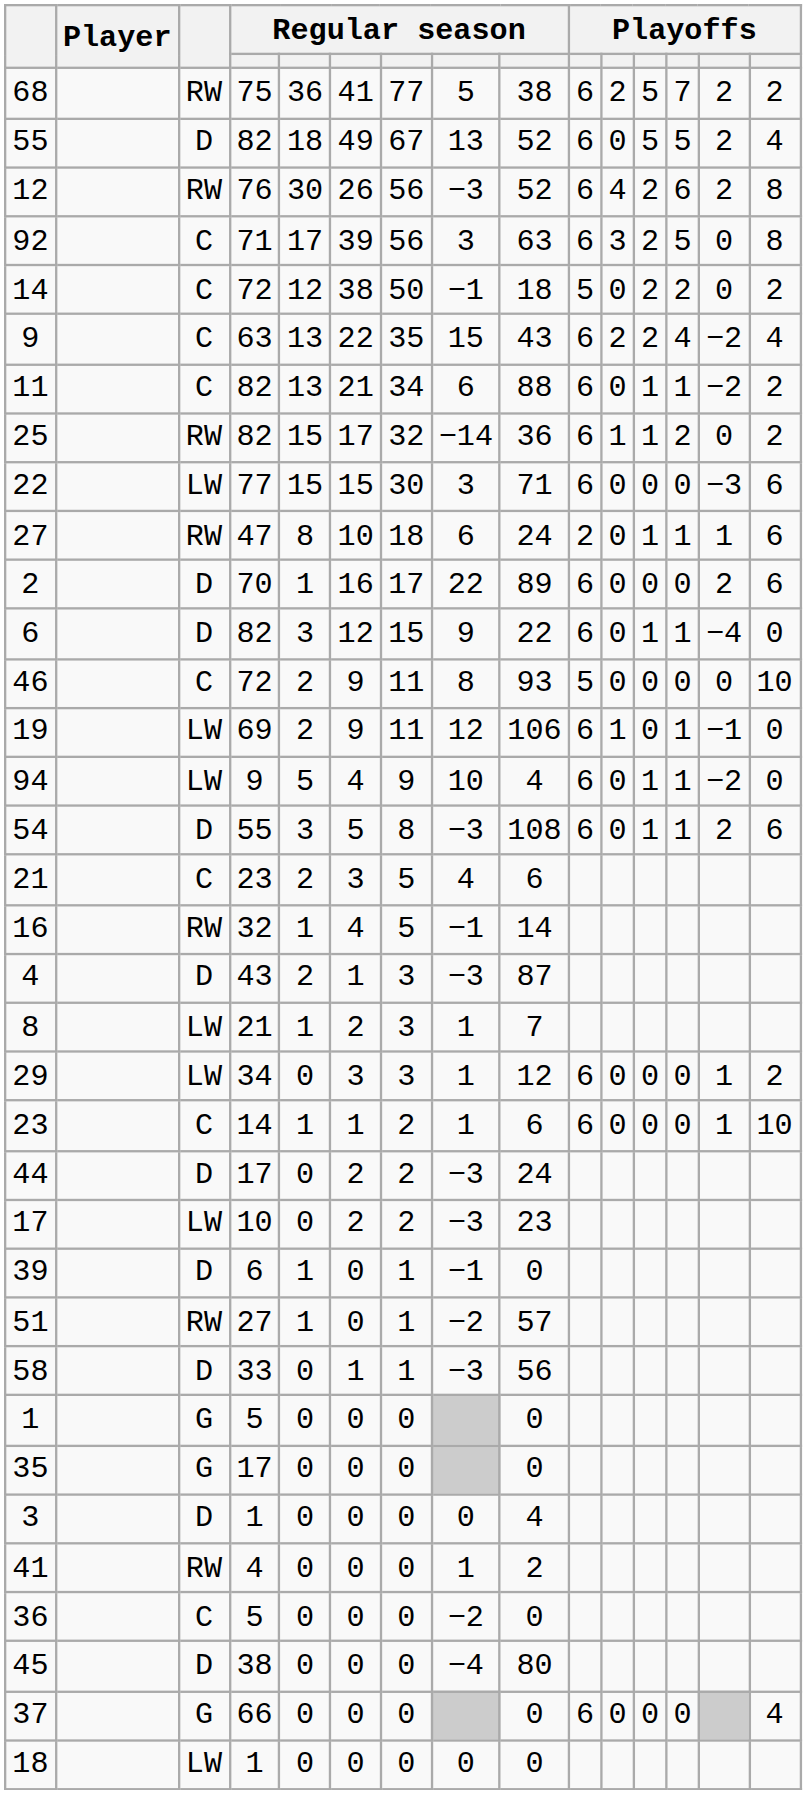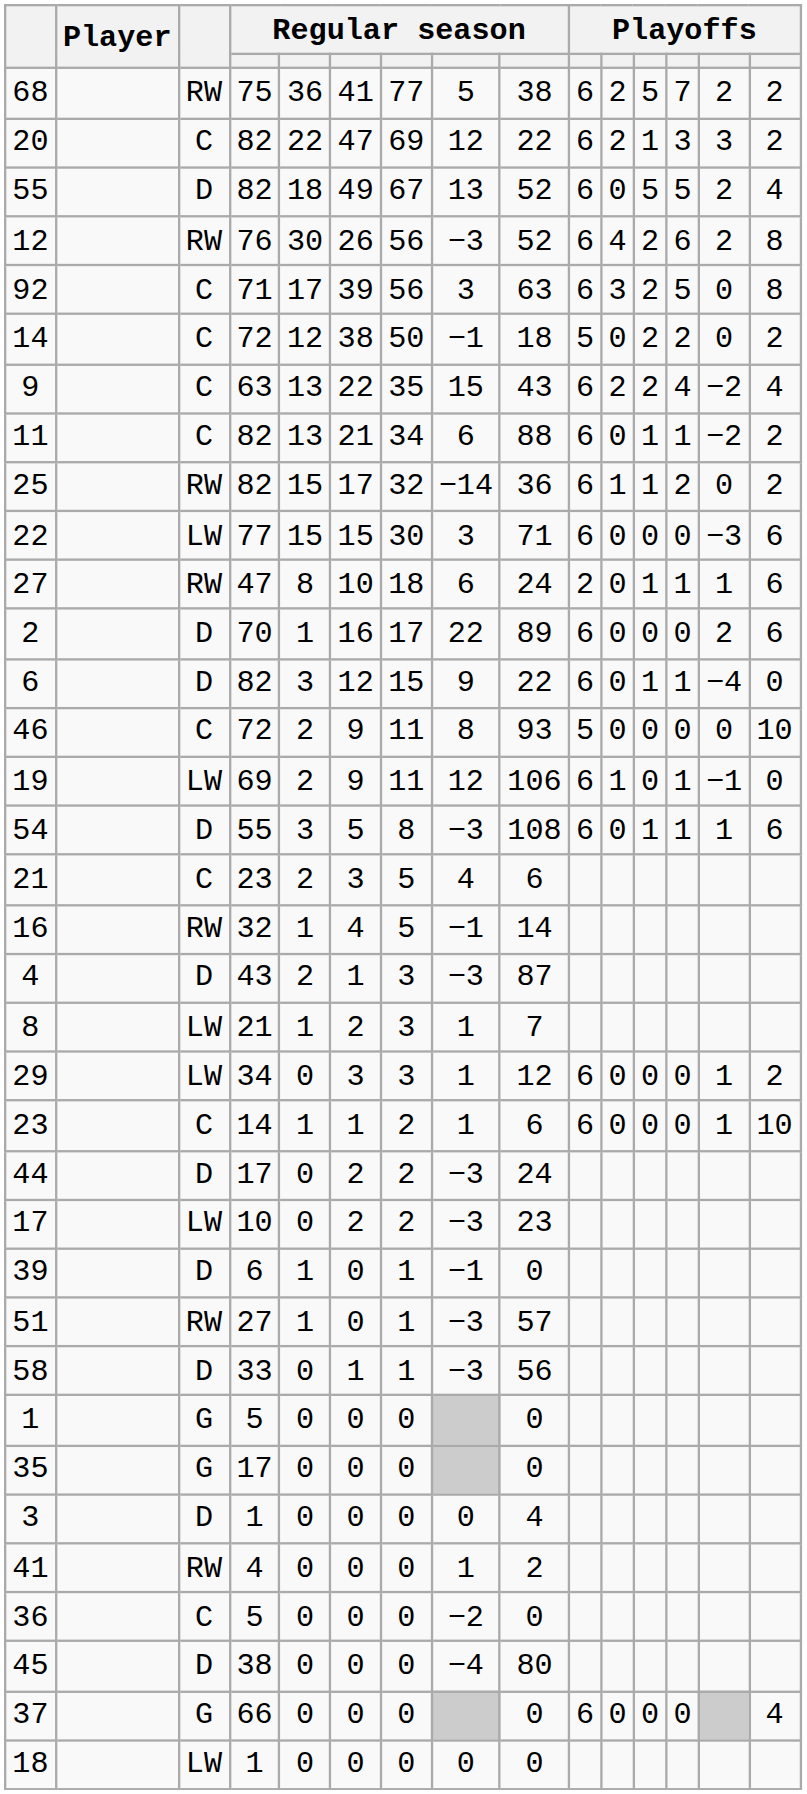 <table class="wikitable sortable plainrowheaders" style="text-align:center;">
 <tr>
 <th scope="col" data-sort-type="number" rowspan="2"></th>
 <th scope="col" rowspan="2">Player</th>
 <th scope="col" rowspan="2"></th>
 <th scope=colgroup colspan=6>Regular season</th>
 <th scope=colgroup colspan=6>Playoffs</th>
 </tr>
 <tr>
 <th scope="col" data-sort-type="number"></th>
 <th scope="col" data-sort-type="number"></th>
 <th scope="col" data-sort-type="number"></th>
 <th scope="col" data-sort-type="number"></th>
 <th scope="col" data-sort-type="number"></th>
 <th scope="col" data-sort-type="number"></th>
 <th scope="col" data-sort-type="number"></th>
 <th scope="col" data-sort-type="number"></th>
 <th scope="col" data-sort-type="number"></th>
 <th scope="col" data-sort-type="number"></th>
 <th scope="col" data-sort-type="number"></th>
 <th scope="col" data-sort-type="number"></th>
 </tr>
 <tr>
 <td scope="row">68</td>
 <td align="left"></td>
 <td>RW</td>
 <td>75</td>
 <td>36</td>
 <td>41</td>
 <td>77</td>
 <td>5</td>
 <td>38</td>
 <td>6</td>
 <td>2</td>
 <td>5</td>
 <td>7</td>
 <td>2</td>
+<td>2</td>
+</tr>
+<tr>
+<td scope="row">20</td>
+<td align="left"></td>
+<td>C</td>
+<td>82</td>
+<td>22</td>
+<td>47</td>
+<td>69</td>
+<td>12</td>
+<td>22</td>
+<td>6</td>
+<td>2</td>
+<td>1</td>
+<td>3</td>
+<td>3</td>
 <td>2</td>
 </tr>
 <tr>
 <td scope="row">55</td>
 <td align="left"></td>
 <td>D</td>
 <td>82</td>
 <td>18</td>
 <td>49</td>
 <td>67</td>
 <td>13</td>
 <td>52</td>
 <td>6</td>
 <td>0</td>
 <td>5</td>
 <td>5</td>
 <td>2</td>
 <td>4</td>
 </tr>
 <tr>
 <td scope="row">12</td>
 <td align="left"></td>
 <td>RW</td>
 <td>76</td>
 <td>30</td>
 <td>26</td>
 <td>56</td>
 <td>−3</td>
 <td>52</td>
 <td>6</td>
 <td>4</td>
 <td>2</td>
 <td>6</td>
 <td>2</td>
 <td>8</td>
 </tr>
 <tr>
 <td scope="row">92</td>
 <td align="left"></td>
 <td>C</td>
 <td>71</td>
 <td>17</td>
 <td>39</td>
 <td>56</td>
 <td>3</td>
 <td>63</td>
 <td>6</td>
 <td>3</td>
 <td>2</td>
 <td>5</td>
 <td>0</td>
 <td>8</td>
 </tr>
 <tr>
 <td scope="row">14</td>
 <td align="left"></td>
 <td>C</td>
 <td>72</td>
 <td>12</td>
 <td>38</td>
 <td>50</td>
 <td>−1</td>
 <td>18</td>
 <td>5</td>
 <td>0</td>
 <td>2</td>
 <td>2</td>
 <td>0</td>
 <td>2</td>
 </tr>
 <tr>
 <td scope="row">9</td>
 <td align="left"></td>
 <td>C</td>
 <td>63</td>
 <td>13</td>
 <td>22</td>
 <td>35</td>
 <td>15</td>
 <td>43</td>
 <td>6</td>
 <td>2</td>
 <td>2</td>
 <td>4</td>
 <td>−2</td>
 <td>4</td>
 </tr>
 <tr>
 <td scope="row">11</td>
 <td align="left"></td>
 <td>C</td>
 <td>82</td>
 <td>13</td>
 <td>21</td>
 <td>34</td>
 <td>6</td>
 <td>88</td>
 <td>6</td>
 <td>0</td>
 <td>1</td>
 <td>1</td>
 <td>−2</td>
 <td>2</td>
 </tr>
 <tr>
 <td scope="row">25</td>
 <td align="left"></td>
 <td>RW</td>
 <td>82</td>
 <td>15</td>
 <td>17</td>
 <td>32</td>
 <td>−14</td>
 <td>36</td>
 <td>6</td>
 <td>1</td>
 <td>1</td>
 <td>2</td>
 <td>0</td>
 <td>2</td>
 </tr>
 <tr>
 <td scope="row">22</td>
 <td align="left"></td>
 <td>LW</td>
 <td>77</td>
 <td>15</td>
 <td>15</td>
 <td>30</td>
 <td>3</td>
 <td>71</td>
 <td>6</td>
 <td>0</td>
 <td>0</td>
 <td>0</td>
 <td>−3</td>
 <td>6</td>
 </tr>
 <tr>
 <td scope="row">27</td>
 <td align="left"></td>
 <td>RW</td>
 <td>47</td>
 <td>8</td>
 <td>10</td>
 <td>18</td>
 <td>6</td>
 <td>24</td>
 <td>2</td>
 <td>0</td>
 <td>1</td>
 <td>1</td>
 <td>1</td>
 <td>6</td>
 </tr>
 <tr>
 <td scope="row">2</td>
 <td align="left"></td>
 <td>D</td>
 <td>70</td>
 <td>1</td>
 <td>16</td>
 <td>17</td>
 <td>22</td>
 <td>89</td>
 <td>6</td>
 <td>0</td>
 <td>0</td>
 <td>0</td>
 <td>2</td>
 <td>6</td>
 </tr>
 <tr>
 <td scope="row">6</td>
 <td align="left"></td>
 <td>D</td>
 <td>82</td>
 <td>3</td>
 <td>12</td>
 <td>15</td>
 <td>9</td>
 <td>22</td>
 <td>6</td>
 <td>0</td>
 <td>1</td>
 <td>1</td>
 <td>−4</td>
 <td>0</td>
 </tr>
 <tr>
 <td scope="row">46</td>
 <td align="left"></td>
 <td>C</td>
 <td>72</td>
 <td>2</td>
 <td>9</td>
 <td>11</td>
 <td>8</td>
 <td>93</td>
 <td>5</td>
 <td>0</td>
 <td>0</td>
 <td>0</td>
 <td>0</td>
 <td>10</td>
 </tr>
 <tr>
 <td scope="row">19</td>
 <td align="left"></td>
 <td>LW</td>
 <td>69</td>
 <td>2</td>
 <td>9</td>
 <td>11</td>
 <td>12</td>
 <td>106</td>
 <td>6</td>
 <td>1</td>
 <td>0</td>
 <td>1</td>
 <td>−1</td>
 <td>0</td>
 </tr>
 <tr>
-<td scope="row">94</td>
-<td align="left"></td>
-<td>LW</td>
-<td>9</td>
-<td>5</td>
-<td>4</td>
-<td>9</td>
-<td>10</td>
-<td>4</td>
-<td>6</td>
-<td>0</td>
-<td>1</td>
-<td>1</td>
-<td>−2</td>
-<td>0</td>
-</tr>
-<tr>
 <td scope="row">54</td>
 <td align="left"></td>
 <td>D</td>
 <td>55</td>
 <td>3</td>
 <td>5</td>
 <td>8</td>
 <td>−3</td>
 <td>108</td>
 <td>6</td>
 <td>0</td>
 <td>1</td>
 <td>1</td>
-<td>2</td>
+<td>1</td>
 <td>6</td>
 </tr>
 <tr>
 <td scope="row">21</td>
 <td align="left"></td>
 <td>C</td>
 <td>23</td>
 <td>2</td>
 <td>3</td>
 <td>5</td>
 <td>4</td>
 <td>6</td>
 <td></td>
 <td></td>
 <td></td>
 <td></td>
 <td></td>
 <td></td>
 </tr>
 <tr>
 <td scope="row">16</td>
 <td align="left"></td>
 <td>RW</td>
 <td>32</td>
 <td>1</td>
 <td>4</td>
 <td>5</td>
 <td>−1</td>
 <td>14</td>
 <td></td>
 <td></td>
 <td></td>
 <td></td>
 <td></td>
 <td></td>
 </tr>
 <tr>
 <td scope="row">4</td>
 <td align="left"></td>
 <td>D</td>
 <td>43</td>
 <td>2</td>
 <td>1</td>
 <td>3</td>
 <td>−3</td>
 <td>87</td>
 <td></td>
 <td></td>
 <td></td>
 <td></td>
 <td></td>
 <td></td>
 </tr>
 <tr>
 <td scope="row">8</td>
 <td align="left"></td>
 <td>LW</td>
 <td>21</td>
 <td>1</td>
 <td>2</td>
 <td>3</td>
 <td>1</td>
 <td>7</td>
 <td></td>
 <td></td>
 <td></td>
 <td></td>
 <td></td>
 <td></td>
 </tr>
 <tr>
 <td scope="row">29</td>
 <td align="left"></td>
 <td>LW</td>
 <td>34</td>
 <td>0</td>
 <td>3</td>
 <td>3</td>
 <td>1</td>
 <td>12</td>
 <td>6</td>
 <td>0</td>
 <td>0</td>
 <td>0</td>
 <td>1</td>
 <td>2</td>
 </tr>
 <tr>
 <td scope="row">23</td>
 <td align="left"></td>
 <td>C</td>
 <td>14</td>
 <td>1</td>
 <td>1</td>
 <td>2</td>
 <td>1</td>
 <td>6</td>
 <td>6</td>
 <td>0</td>
 <td>0</td>
 <td>0</td>
 <td>1</td>
 <td>10</td>
 </tr>
 <tr>
 <td scope="row">44</td>
 <td align="left"></td>
 <td>D</td>
 <td>17</td>
 <td>0</td>
 <td>2</td>
 <td>2</td>
 <td>−3</td>
 <td>24</td>
 <td></td>
 <td></td>
 <td></td>
 <td></td>
 <td></td>
 <td></td>
 </tr>
 <tr>
 <td scope="row">17</td>
 <td align="left"></td>
 <td>LW</td>
 <td>10</td>
 <td>0</td>
 <td>2</td>
 <td>2</td>
 <td>−3</td>
 <td>23</td>
 <td></td>
 <td></td>
 <td></td>
 <td></td>
 <td></td>
 <td></td>
 </tr>
 <tr>
 <td scope="row">39</td>
 <td align="left"></td>
 <td>D</td>
 <td>6</td>
 <td>1</td>
 <td>0</td>
 <td>1</td>
 <td>−1</td>
 <td>0</td>
 <td></td>
 <td></td>
 <td></td>
 <td></td>
 <td></td>
 <td></td>
 </tr>
 <tr>
 <td scope="row">51</td>
 <td align="left"></td>
 <td>RW</td>
 <td>27</td>
 <td>1</td>
 <td>0</td>
 <td>1</td>
-<td>−2</td>
+<td>−3</td>
 <td>57</td>
 <td></td>
 <td></td>
 <td></td>
 <td></td>
 <td></td>
 <td></td>
 </tr>
 <tr>
 <td scope="row">58</td>
 <td align="left"></td>
 <td>D</td>
 <td>33</td>
 <td>0</td>
 <td>1</td>
 <td>1</td>
 <td>−3</td>
 <td>56</td>
 <td></td>
 <td></td>
 <td></td>
 <td></td>
 <td></td>
 <td></td>
 </tr>
 <tr>
 <td scope="row">1</td>
 <td align="left"></td>
 <td>G</td>
 <td>5</td>
 <td>0</td>
 <td>0</td>
 <td>0</td>
 <td style="background:#ccc"></td>
 <td>0</td>
 <td></td>
 <td></td>
 <td></td>
 <td></td>
 <td></td>
 <td></td>
 </tr>
 <tr>
 <td scope="row">35</td>
 <td align="left"></td>
 <td>G</td>
 <td>17</td>
 <td>0</td>
 <td>0</td>
 <td>0</td>
 <td style="background:#ccc"></td>
 <td>0</td>
 <td></td>
 <td></td>
 <td></td>
 <td></td>
 <td></td>
 <td></td>
 </tr>
 <tr>
 <td scope="row">3</td>
 <td align="left"></td>
 <td>D</td>
 <td>1</td>
 <td>0</td>
 <td>0</td>
 <td>0</td>
 <td>0</td>
 <td>4</td>
 <td></td>
 <td></td>
 <td></td>
 <td></td>
 <td></td>
 <td></td>
 </tr>
 <tr>
 <td scope="row">41</td>
 <td align="left"></td>
 <td>RW</td>
 <td>4</td>
 <td>0</td>
 <td>0</td>
 <td>0</td>
 <td>1</td>
 <td>2</td>
 <td></td>
 <td></td>
 <td></td>
 <td></td>
 <td></td>
 <td></td>
 </tr>
 <tr>
 <td scope="row">36</td>
 <td align="left"></td>
 <td>C</td>
 <td>5</td>
 <td>0</td>
 <td>0</td>
 <td>0</td>
 <td>−2</td>
 <td>0</td>
 <td></td>
 <td></td>
 <td></td>
 <td></td>
 <td></td>
 <td></td>
 </tr>
 <tr>
 <td scope="row">45</td>
 <td align="left"></td>
 <td>D</td>
 <td>38</td>
 <td>0</td>
 <td>0</td>
 <td>0</td>
 <td>−4</td>
 <td>80</td>
 <td></td>
 <td></td>
 <td></td>
 <td></td>
 <td></td>
 <td></td>
 </tr>
 <tr>
 <td scope="row">37</td>
 <td align="left"></td>
 <td>G</td>
 <td>66</td>
 <td>0</td>
 <td>0</td>
 <td>0</td>
 <td style="background:#ccc"></td>
 <td>0</td>
 <td>6</td>
 <td>0</td>
 <td>0</td>
 <td>0</td>
 <td style="background:#ccc"></td>
 <td>4</td>
 </tr>
 <tr>
 <td scope="row">18</td>
 <td align="left"></td>
 <td>LW</td>
 <td>1</td>
 <td>0</td>
 <td>0</td>
 <td>0</td>
 <td>0</td>
 <td>0</td>
 <td></td>
 <td></td>
 <td></td>
 <td></td>
 <td></td>
 <td></td>
 </tr>
 </table>
